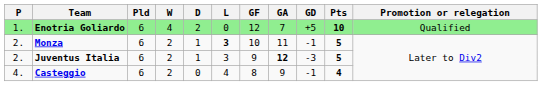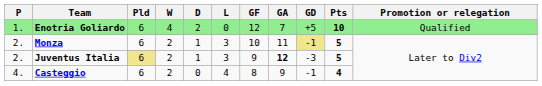 <table class="wikitable sortable" style="text-align: center;">
 <tr>
 <th width=33>P<br></th>
 <th>Team<br></th>
 <th width=33>Pld<br></th>
 <th width=33>W<br></th>
 <th width=33>D<br></th>
 <th width=33>L<br></th>
 <th width=33>GF<br></th>
 <th width=33>GA<br></th>
 <th width=33>GD<br></th>
 <th width=33>Pts<br></th>
 <th class="unsortable" width=250>Promotion or relegation<br></th>
 </tr>
 <tr style="background: #90EE90;">
 <td>1.</td>
 <td align="left"><strong>Enotria Goliardo</strong></td>
 <td>6</td>
 <td>4</td>
 <td>2</td>
 <td>0</td>
 <td>12</td>
 <td>7</td>
 <td>+5</td>
 <td><strong>10</strong></td>
 <td>Qualified</td>
 </tr>
 <tr>
 <td>2.</td>
 <td align="left"><strong><a href='#'>Monza</a></strong></td>
 <td>6</td>
 <td>2</td>
 <td>1</td>
-<td><strong>3</strong></td>
+<td>3</td>
 <td>10</td>
 <td>11</td>
-<td>-1</td>
+<td style="background: khaki;">-1</td>
 <td><strong>5</strong></td>
 <td rowspan=3>Later to <a href='#'>Div2</a></td>
 </tr>
 <tr>
 <td>2.</td>
 <td align="left"><strong>Juventus Italia</strong></td>
-<td>6</td>
+<td style="background: khaki;">6</td>
 <td>2</td>
 <td>1</td>
 <td>3</td>
 <td>9</td>
 <td><strong>12</strong></td>
 <td>-3</td>
 <td><strong>5</strong></td>
 </tr>
 <tr>
 <td>4.</td>
 <td align="left"><strong><a href='#'>Casteggio</a></strong></td>
 <td>6</td>
 <td>2</td>
 <td>0</td>
 <td>4</td>
 <td>8</td>
 <td>9</td>
 <td>-1</td>
 <td><strong>4</strong></td>
 </tr>
 </table>
